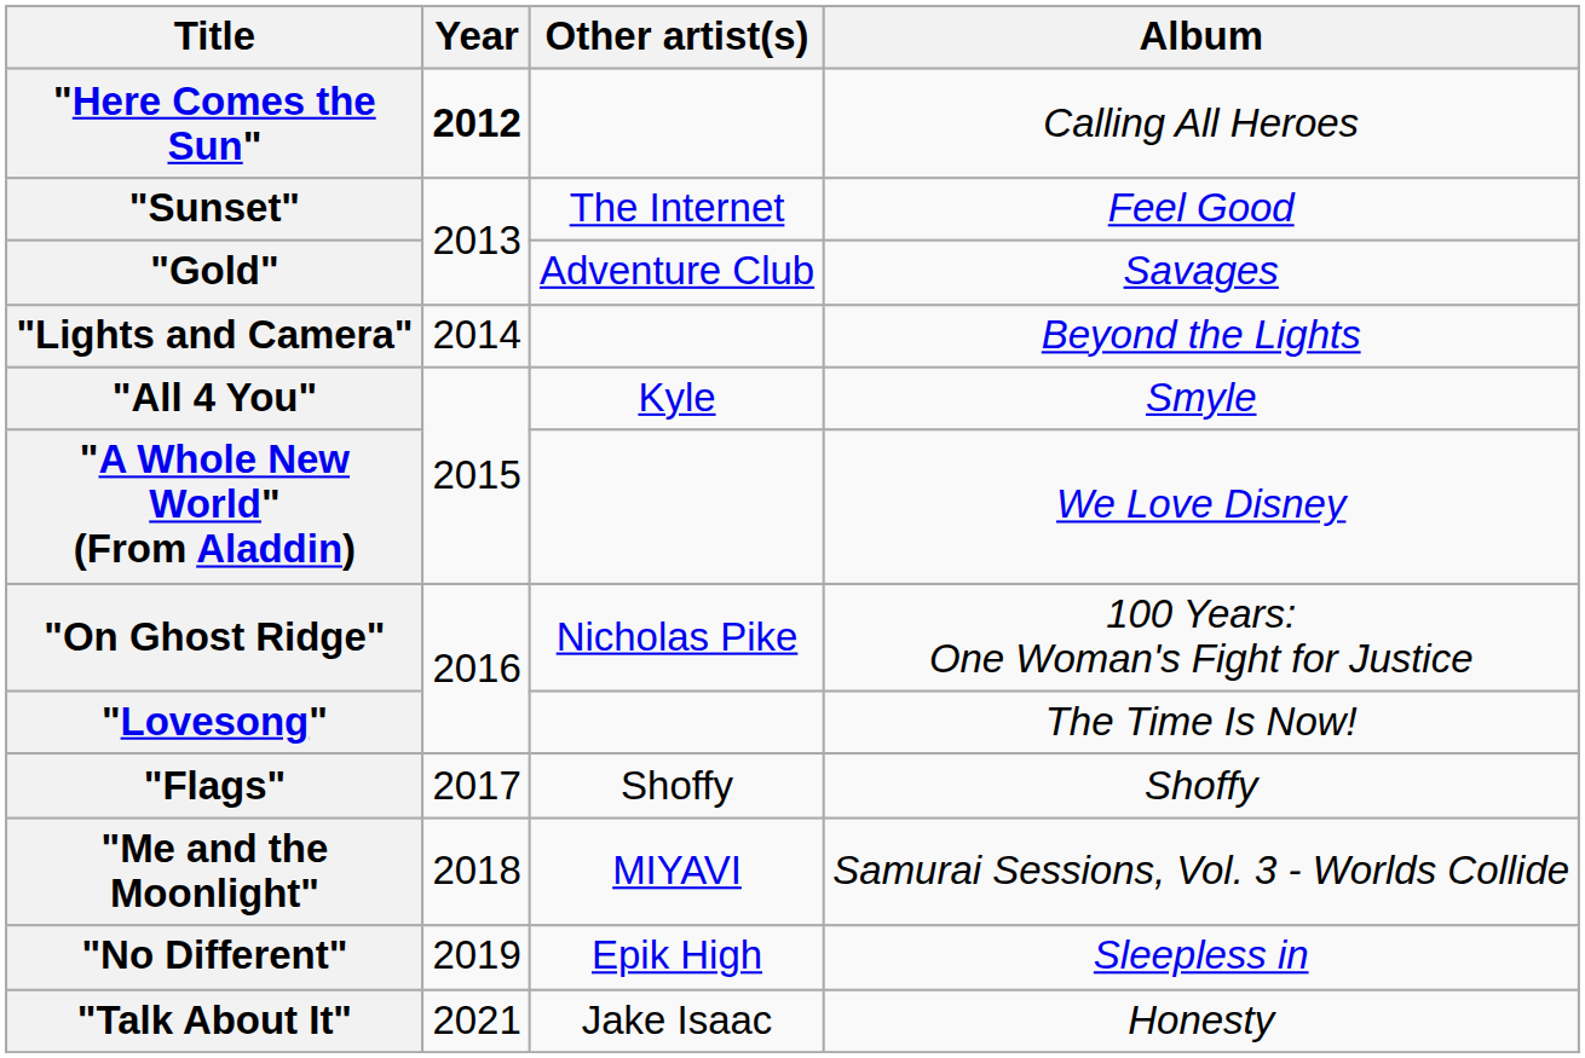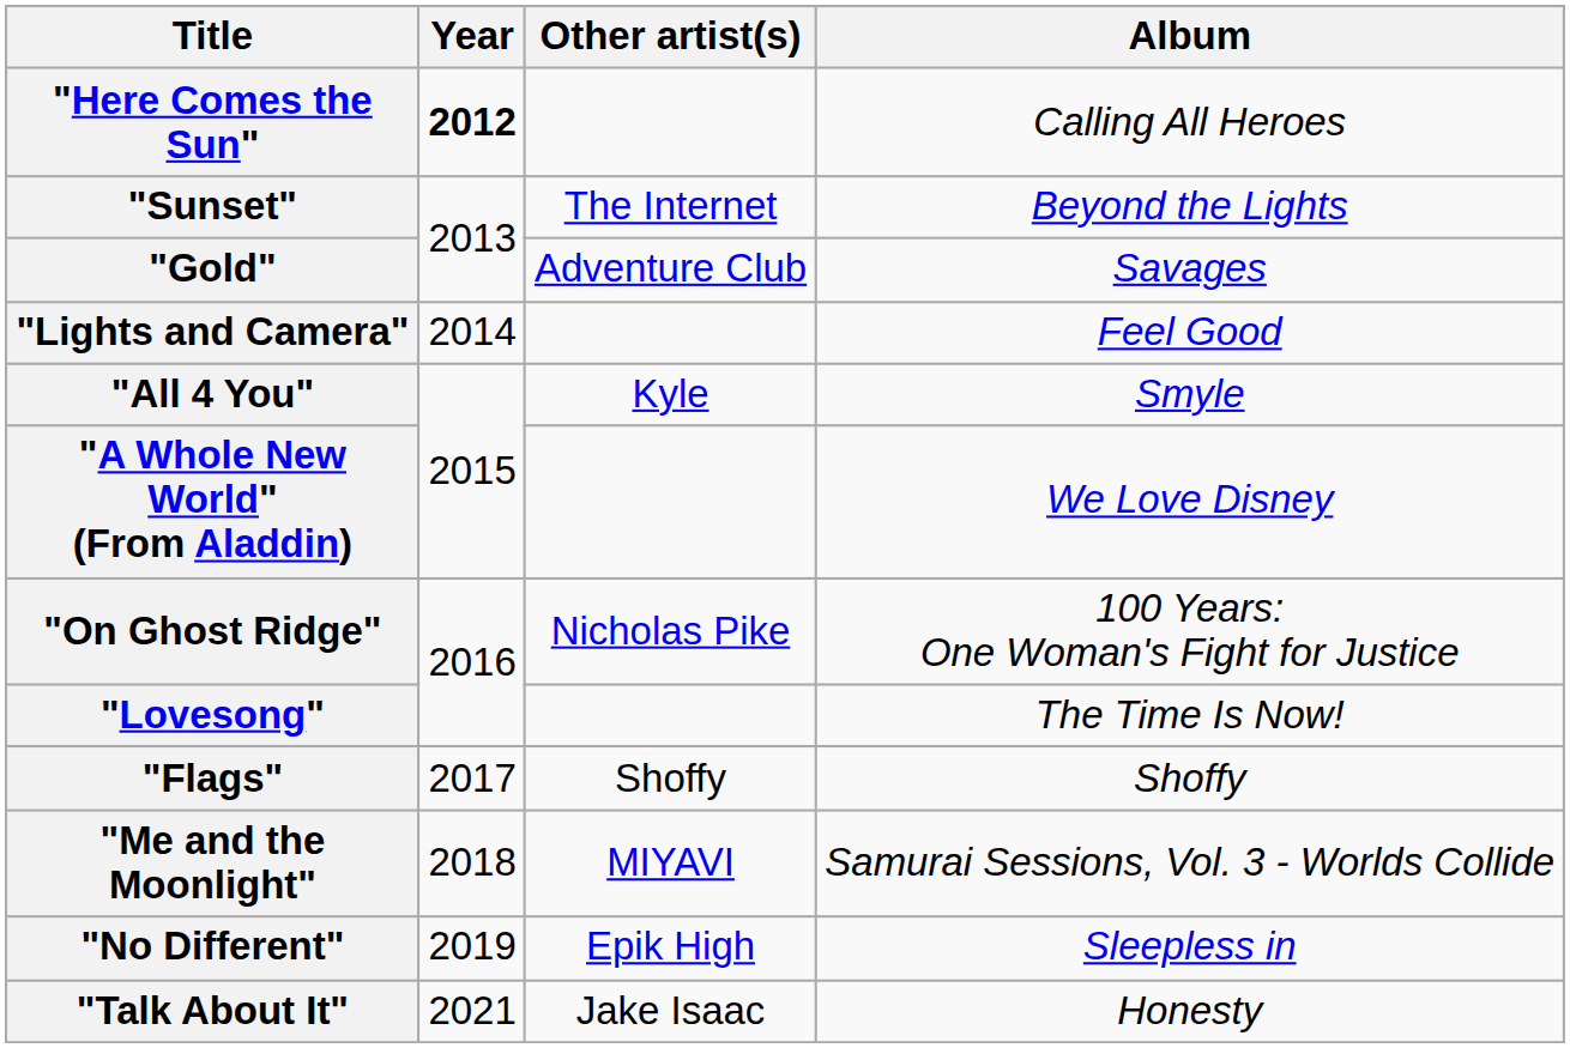 <table class="wikitable plainrowheaders" style="text-align:center;">
 <tr>
 <th scope="col" style="width:10em;">Title</th>
 <th scope="col">Year</th>
 <th scope="col">Other artist(s)</th>
 <th scope="col">Album</th>
 </tr>
 <tr>
 <th scope="row">"<a href='#'>Here Comes the Sun</a>"</th>
 <td><strong>2012</strong></td>
 <td></td>
 <td><em>Calling All Heroes</em></td>
 </tr>
 <tr>
 <th scope="row">"Sunset"</th>
 <td rowspan="2">2013</td>
 <td><a href='#'>The Internet</a></td>
-<td><em><a href='#'>Feel Good</a></em></td>
+<td><em><a href='#'>Beyond the Lights</a></em></td>
 </tr>
 <tr>
 <th scope="row">"Gold"</th>
 <td><a href='#'>Adventure Club</a></td>
 <td><em><a href='#'>Savages</a></em></td>
 </tr>
 <tr>
 <th scope="row">"Lights and Camera"</th>
 <td>2014</td>
 <td></td>
-<td><em><a href='#'>Beyond the Lights</a></em></td>
+<td><em><a href='#'>Feel Good</a></em></td>
 </tr>
 <tr>
 <th scope="row">"All 4 You"</th>
 <td rowspan="2">2015</td>
 <td><a href='#'>Kyle</a></td>
 <td><em><a href='#'>Smyle</a></em></td>
 </tr>
 <tr>
 <th scope="row">"<a href='#'>A Whole New World</a>"<br><span>(From <a href='#'>Aladdin</a>)</span></th>
 <td></td>
 <td><em><a href='#'>We Love Disney</a></em></td>
 </tr>
 <tr>
 <th scope="row">"On Ghost Ridge"</th>
 <td rowspan="2">2016</td>
 <td><a href='#'>Nicholas Pike</a></td>
 <td><em>100 Years:<br>One Woman's Fight for Justice</em></td>
 </tr>
 <tr>
 <th scope="row">"<a href='#'>Lovesong</a>"</th>
 <td></td>
 <td><em>The Time Is Now!</em></td>
 </tr>
 <tr>
 <th scope="row">"Flags"</th>
 <td>2017</td>
 <td>Shoffy</td>
 <td><em>Shoffy</em></td>
 </tr>
 <tr>
 <th scope="row">"Me and the Moonlight"</th>
 <td>2018</td>
 <td><a href='#'>MIYAVI</a></td>
 <td><em>Samurai Sessions, Vol. 3 - Worlds Collide</em></td>
 </tr>
 <tr>
 <th scope="row">"No Different"</th>
 <td>2019</td>
 <td><a href='#'>Epik High</a></td>
 <td><em><a href='#'>Sleepless in </a></em></td>
 </tr>
 <tr>
 <th scope="row">"Talk About It"</th>
 <td>2021</td>
 <td>Jake Isaac</td>
 <td><em>Honesty</em></td>
 </tr>
 </table>
